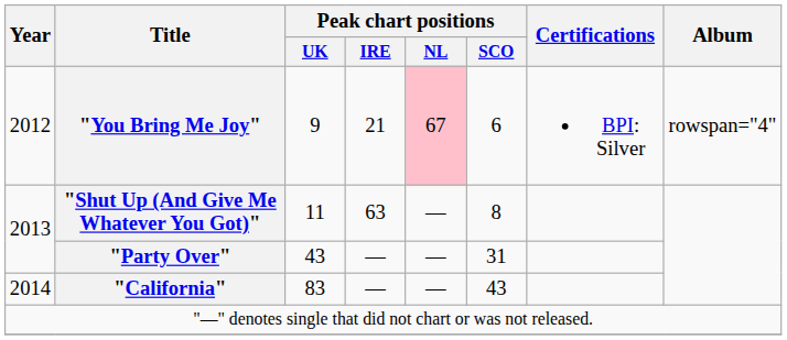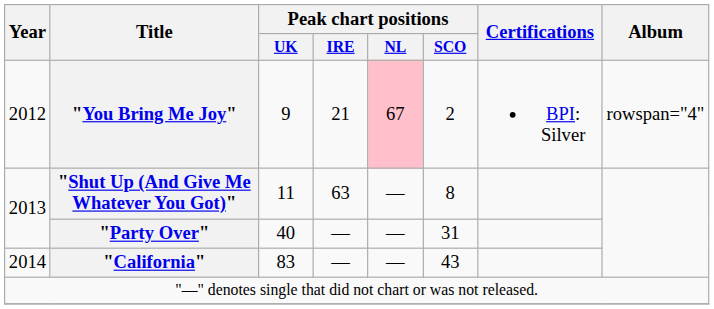 <table class="wikitable plainrowheaders" style="text-align:center;">
 <tr>
 <th scope="col" rowspan="2">Year</th>
 <th scope="col" rowspan="2">Title</th>
 <th scope="col" colspan="4">Peak chart positions</th>
 <th scope="col" rowspan="2"><a href='#'>Certifications</a></th>
 <th scope="col" rowspan="2">Album</th>
 </tr>
 <tr>
 <th scope="col" style="width:3em;font-size:85%;"><a href='#'>UK</a><br></th>
 <th scope="col" style="width:3em;font-size:85%;"><a href='#'>IRE</a><br></th>
 <th scope="col" style="width:3em;font-size:85%;"><a href='#'>NL</a><br></th>
 <th scope="col" style="width:3em;font-size:85%;"><a href='#'>SCO</a><br></th>
 </tr>
 <tr>
 <td>2012</td>
 <th scope="row">"<a href='#'>You Bring Me Joy</a>"</th>
 <td>9</td>
 <td>21</td>
 <td style="background: pink;">67</td>
-<td>6</td>
+<td>2</td>
 <td><br><ul><li><a href='#'>BPI</a>: Silver</li></ul></td>
 <td>rowspan="4" </td>
 </tr>
 <tr>
 <td rowspan="2">2013</td>
 <th scope="row">"<a href='#'>Shut Up (And Give Me Whatever You Got)</a>"</th>
 <td>11</td>
 <td>63</td>
 <td>—</td>
 <td>8</td>
 <td></td>
 </tr>
 <tr>
 <th scope="row">"<a href='#'>Party Over</a>"</th>
-<td>43</td>
+<td>40</td>
 <td>—</td>
 <td>—</td>
 <td>31</td>
 <td></td>
 </tr>
 <tr>
 <td rowspan="1">2014</td>
 <th scope="row">"<a href='#'>California</a>"</th>
 <td>83</td>
 <td>—</td>
 <td>—</td>
 <td>43</td>
 <td></td>
 </tr>
 <tr>
 <td colspan="18" style="font-size:85%">"—" denotes single that did not chart or was not released.</td>
 </tr>
 <tr>
 </tr>
 </table>
